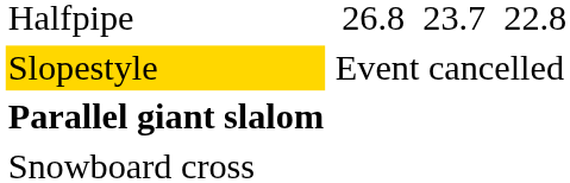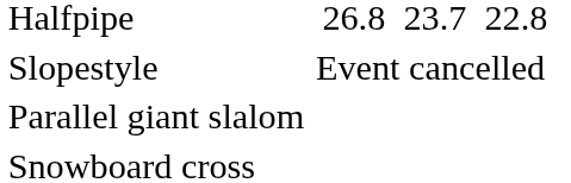 <table>
 <tr>
 <td>Halfpipe<br></td>
 <td></td>
 <td>26.8</td>
 <td></td>
 <td>23.7</td>
 <td></td>
 <td>22.8</td>
 </tr>
 <tr>
-<td style="background: gold;">Slopestyle<br></td>
+<td>Slopestyle<br></td>
 <td align=center colspan=6>Event cancelled</td>
 </tr>
 <tr>
-<td><strong>Parallel giant slalom<br></strong></td>
+<td>Parallel giant slalom<br></td>
 <td colspan="2"></td>
 <td colspan="2"></td>
 <td colspan="2"></td>
 </tr>
 <tr>
 <td>Snowboard cross<br></td>
 <td colspan="2"></td>
 <td colspan="2"></td>
 <td colspan="2"></td>
 </tr>
 </table>
